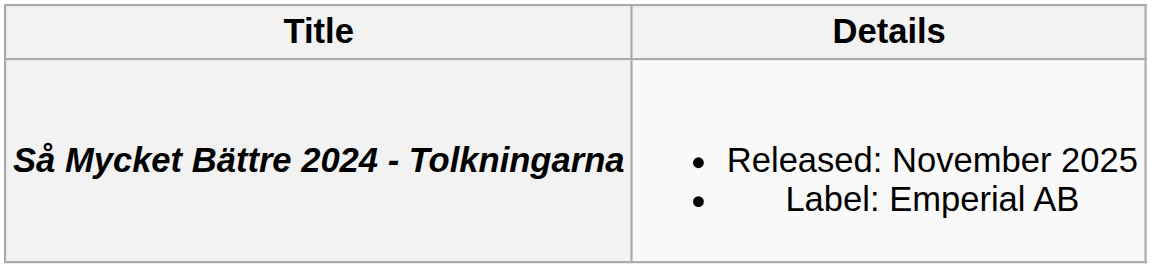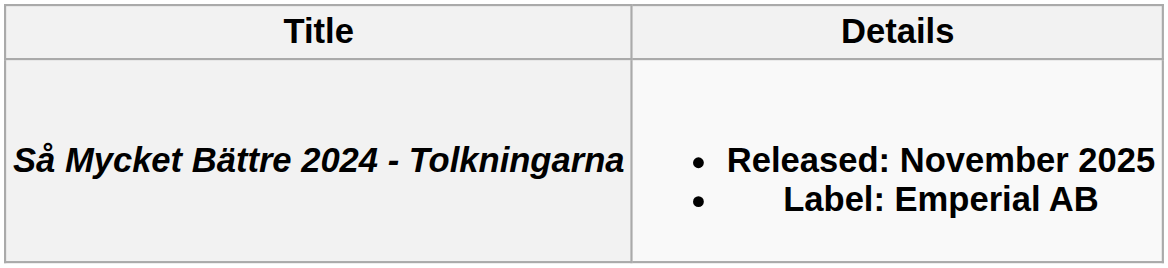 <table class="wikitable plainrowheaders" style="text-align:center;" border="1">
 <tr>
 <th>Title</th>
 <th>Details</th>
 </tr>
 <tr>
 <th scope="row"><em>Så Mycket Bättre 2024 - Tolkningarna</em></th>
-<td><br><ul><li>Released: November 2025</li><li>Label: Emperial AB</li></ul></td>
+<td><strong><br><ul><li>Released: November 2025</li><li>Label: Emperial AB</li></ul></strong></td>
 </tr>
 </table>
